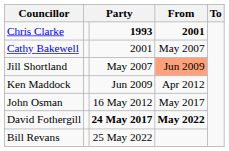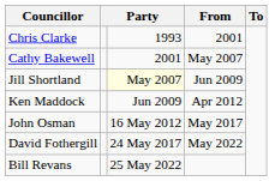 <table class=wikitable>
 <tr>
 <th>Councillor</th>
 <th colspan=2>Party</th>
 <th>From</th>
 <th>To</th>
 </tr>
 <tr>
 <td><a href='#'>Chris Clarke</a></td>
 <td></td>
-<td align=right><strong>1993</strong></td>
-<td align=right><strong>2001</strong></td>
+<td align=right>1993</td>
+<td align=right>2001</td>
 </tr>
 <tr>
 <td><a href='#'>Cathy Bakewell</a></td>
 <td></td>
 <td align=right>2001</td>
 <td align=right>May 2007</td>
 </tr>
 <tr>
 <td>Jill Shortland</td>
 <td></td>
-<td align=right>May 2007</td>
-<td align=right style="background: lightsalmon;">Jun 2009</td>
+<td align=right style="background: lightyellow;">May 2007</td>
+<td align=right>Jun 2009</td>
 </tr>
 <tr>
 <td>Ken Maddock</td>
 <td></td>
 <td align=right>Jun 2009</td>
 <td align=right>Apr 2012</td>
 </tr>
 <tr>
 <td>John Osman</td>
 <td></td>
 <td align=right>16 May 2012</td>
 <td align=right>May 2017</td>
 </tr>
 <tr>
 <td>David Fothergill</td>
 <td></td>
-<td align=right><strong>24 May 2017</strong></td>
-<td align=right><strong>May 2022</strong></td>
+<td align=right>24 May 2017</td>
+<td align=right>May 2022</td>
 </tr>
 <tr>
 <td>Bill Revans</td>
 <td></td>
 <td align=right>25 May 2022</td>
 <td align=right></td>
 </tr>
 </table>
